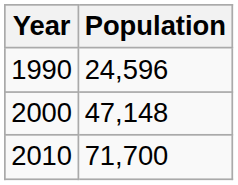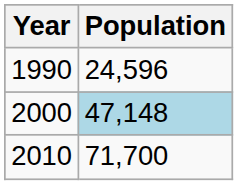 <table class="wikitable">
 <tr>
 <th>Year</th>
 <th>Population</th>
 </tr>
 <tr>
 <td>1990</td>
 <td>24,596</td>
 </tr>
 <tr>
 <td>2000</td>
-<td>47,148</td>
+<td style="background: lightblue;">47,148</td>
 </tr>
 <tr>
 <td>2010</td>
 <td>71,700</td>
 </tr>
 </table>
